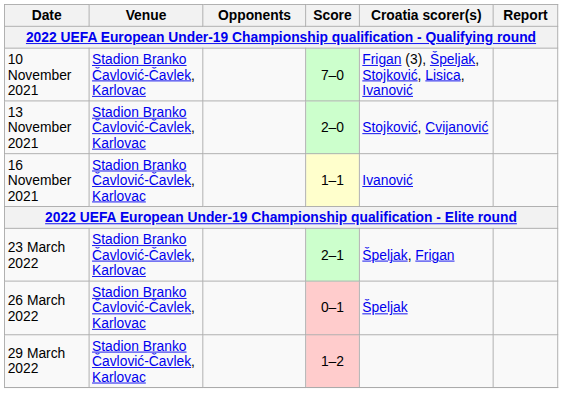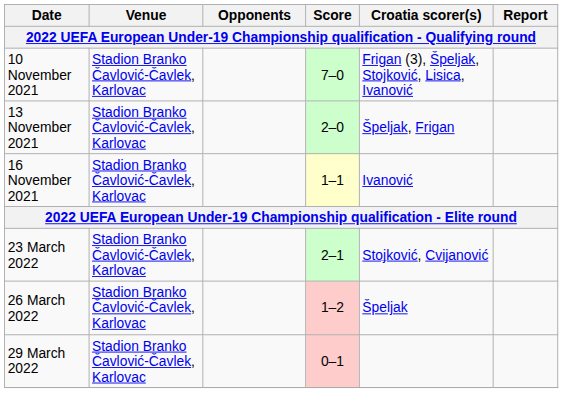 <table class="wikitable" style="font-size:95%;">
 <tr>
 <th width=125>Date</th>
 <th width=260>Venue</th>
 <th width=170>Opponents</th>
 <th width= 75>Score</th>
 <th width=320>Croatia scorer(s)</th>
 <th width=100>Report</th>
 </tr>
 <tr>
 <th colspan=7><a href='#'>2022 UEFA European Under-19 Championship qualification - Qualifying round</a></th>
 </tr>
 <tr>
 <td>10 November 2021</td>
 <td><a href='#'>Stadion Branko Čavlović-Čavlek</a>, <a href='#'>Karlovac</a></td>
 <td></td>
 <td align=center bgcolor=#CCFFCC>7–0</td>
 <td><a href='#'>Frigan</a> (3), <a href='#'>Špeljak</a>, <a href='#'>Stojković</a>, <a href='#'>Lisica</a>, <a href='#'>Ivanović</a></td>
 <td></td>
 </tr>
 <tr>
 <td>13 November 2021</td>
 <td><a href='#'>Stadion Branko Čavlović-Čavlek</a>, <a href='#'>Karlovac</a></td>
 <td></td>
 <td align=center bgcolor=#CCFFCC>2–0</td>
-<td><a href='#'>Stojković</a>, <a href='#'>Cvijanović</a></td>
+<td><a href='#'>Špeljak</a>, <a href='#'>Frigan</a></td>
 <td></td>
 </tr>
 <tr>
 <td>16 November 2021</td>
 <td><a href='#'>Stadion Branko Čavlović-Čavlek</a>, <a href='#'>Karlovac</a></td>
 <td></td>
 <td align=center bgcolor=#FFFFCC>1–1</td>
 <td><a href='#'>Ivanović</a></td>
 <td></td>
 </tr>
 <tr>
 <th colspan=7><a href='#'>2022 UEFA European Under-19 Championship qualification - Elite round</a></th>
 </tr>
 <tr>
 <td>23 March 2022</td>
 <td><a href='#'>Stadion Branko Čavlović-Čavlek</a>, <a href='#'>Karlovac</a></td>
 <td></td>
 <td align=center bgcolor=#CCFFCC>2–1</td>
-<td><a href='#'>Špeljak</a>, <a href='#'>Frigan</a></td>
+<td><a href='#'>Stojković</a>, <a href='#'>Cvijanović</a></td>
 <td></td>
 </tr>
 <tr>
 <td>26 March 2022</td>
 <td><a href='#'>Stadion Branko Čavlović-Čavlek</a>, <a href='#'>Karlovac</a></td>
 <td></td>
-<td align=center bgcolor=#FFCCCC>0–1</td>
+<td align=center bgcolor=#FFCCCC>1–2</td>
 <td><a href='#'>Špeljak</a></td>
 <td></td>
 </tr>
 <tr>
 <td>29 March 2022</td>
 <td><a href='#'>Stadion Branko Čavlović-Čavlek</a>, <a href='#'>Karlovac</a></td>
 <td></td>
-<td align=center bgcolor=#FFCCCC>1–2</td>
+<td align=center bgcolor=#FFCCCC>0–1</td>
 <td></td>
 <td></td>
 </tr>
 <tr>
 </tr>
 </table>
